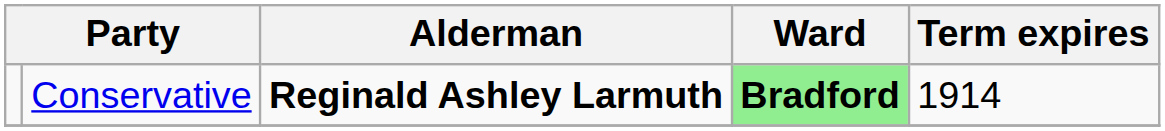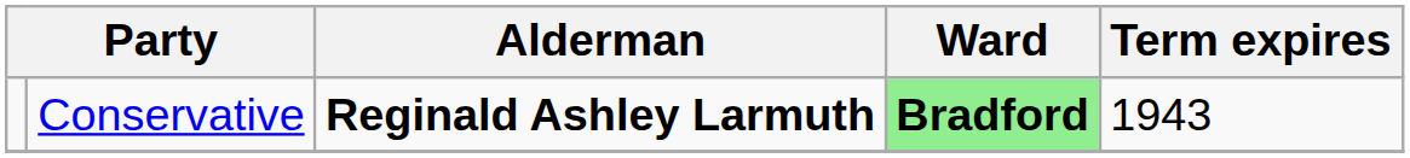 <table class="wikitable">
 <tr>
 <th colspan="2">Party</th>
 <th>Alderman</th>
 <th>Ward</th>
 <th>Term expires</th>
 </tr>
 <tr>
 <td style="background-color:"></td>
 <td><a href='#'>Conservative</a></td>
 <td><strong>Reginald Ashley Larmuth</strong></td>
 <td style="background: lightgreen;"><strong>Bradford</strong></td>
-<td>1914</td>
+<td>1943</td>
 </tr>
 <tr>
 </tr>
 </table>
